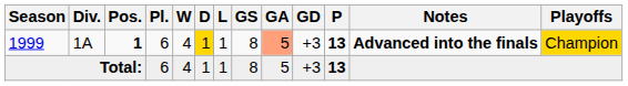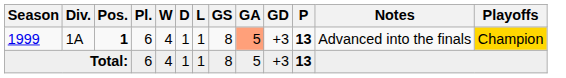 <table class="wikitable">
 <tr style="background:#efefef;">
 <th>Season</th>
 <th>Div.</th>
 <th>Pos.</th>
 <th>Pl.</th>
 <th>W</th>
 <th>D</th>
 <th>L</th>
 <th>GS</th>
 <th>GA</th>
 <th>GD</th>
 <th>P</th>
 <th>Notes</th>
 <th>Playoffs</th>
 </tr>
 <tr>
 <td><a href='#'>1999</a></td>
 <td>1A</td>
 <td align=right><strong>1</strong></td>
 <td align=right>6</td>
 <td align=right>4</td>
-<td align=right style="background: gold;">1</td>
+<td align=right>1</td>
 <td align=right>1</td>
 <td align=right>8</td>
 <td align=right style="background: lightsalmon;">5</td>
 <td align=right>+3</td>
 <td align=right><strong>13</strong></td>
-<td><strong>Advanced into the finals</strong></td>
+<td>Advanced into the finals</td>
 <td bgcolor=gold>Champion</td>
 </tr>
 <tr style="background:#efefef">
 <td align=right colspan=3><strong>Total:</strong></td>
 <td align=right>6</td>
 <td align=right>4</td>
 <td align=right>1</td>
 <td align=right>1</td>
 <td align=right>8</td>
 <td align=right>5</td>
 <td align=right>+3</td>
 <td align=right><strong>13</strong></td>
 <td colspan=3 bgcolor=#efefef></td>
 </tr>
 </table>
